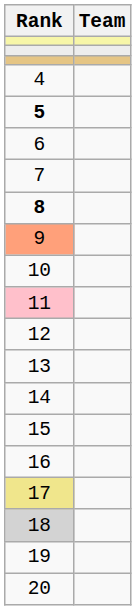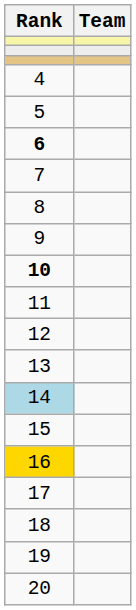 <table class="wikitable" style="text-align: center;">
 <tr>
 <th width=40>Rank</th>
 <th>Team</th>
 </tr>
 <tr align=center bgcolor="#F7F6A8">
 <td></td>
 <td align="left"></td>
 </tr>
 <tr align=center bgcolor=ededed>
 <td></td>
 <td align="left"></td>
 </tr>
 <tr align=center bgcolor=e5c585>
 <td></td>
 <td align=left></td>
 </tr>
 <tr align=center>
 <td>4</td>
 <td style="text-align:left;"></td>
 </tr>
 <tr align=center>
-<td><strong>5</strong></td>
+<td>5</td>
 <td style="text-align:left;"></td>
 </tr>
 <tr align=center>
-<td>6</td>
+<td><strong>6</strong></td>
 <td style="text-align:left;"></td>
 </tr>
 <tr align=center>
 <td>7</td>
 <td style="text-align:left;"></td>
 </tr>
 <tr align=center>
-<td><strong>8</strong></td>
+<td>8</td>
 <td style="text-align:left;"></td>
 </tr>
 <tr align=center>
-<td style="background: lightsalmon;">9</td>
+<td>9</td>
 <td style="text-align:left;"></td>
 </tr>
 <tr align=center>
-<td>10</td>
+<td><strong>10</strong></td>
 <td style="text-align:left;"></td>
 </tr>
 <tr align=center>
-<td style="background: pink;">11</td>
+<td>11</td>
 <td style="text-align:left;"></td>
 </tr>
 <tr align=center>
 <td>12</td>
 <td style="text-align:left;"></td>
 </tr>
 <tr align=center>
 <td>13</td>
 <td style="text-align:left;"></td>
 </tr>
 <tr align=center>
-<td>14</td>
+<td style="background: lightblue;">14</td>
 <td style="text-align:left;"></td>
 </tr>
 <tr align=center>
 <td>15</td>
 <td style="text-align:left;"></td>
 </tr>
 <tr align=center>
-<td>16</td>
+<td style="background: gold;">16</td>
 <td style="text-align:left;"></td>
 </tr>
 <tr align=center>
-<td style="background: khaki;">17</td>
+<td>17</td>
 <td style="text-align:left;"></td>
 </tr>
 <tr align=center>
-<td style="background: lightgrey;">18</td>
+<td>18</td>
 <td style="text-align:left;"></td>
 </tr>
 <tr align=center>
 <td>19</td>
 <td style="text-align:left;"></td>
 </tr>
 <tr align=center>
 <td>20</td>
 <td style="text-align:left;"></td>
 </tr>
 </table>
